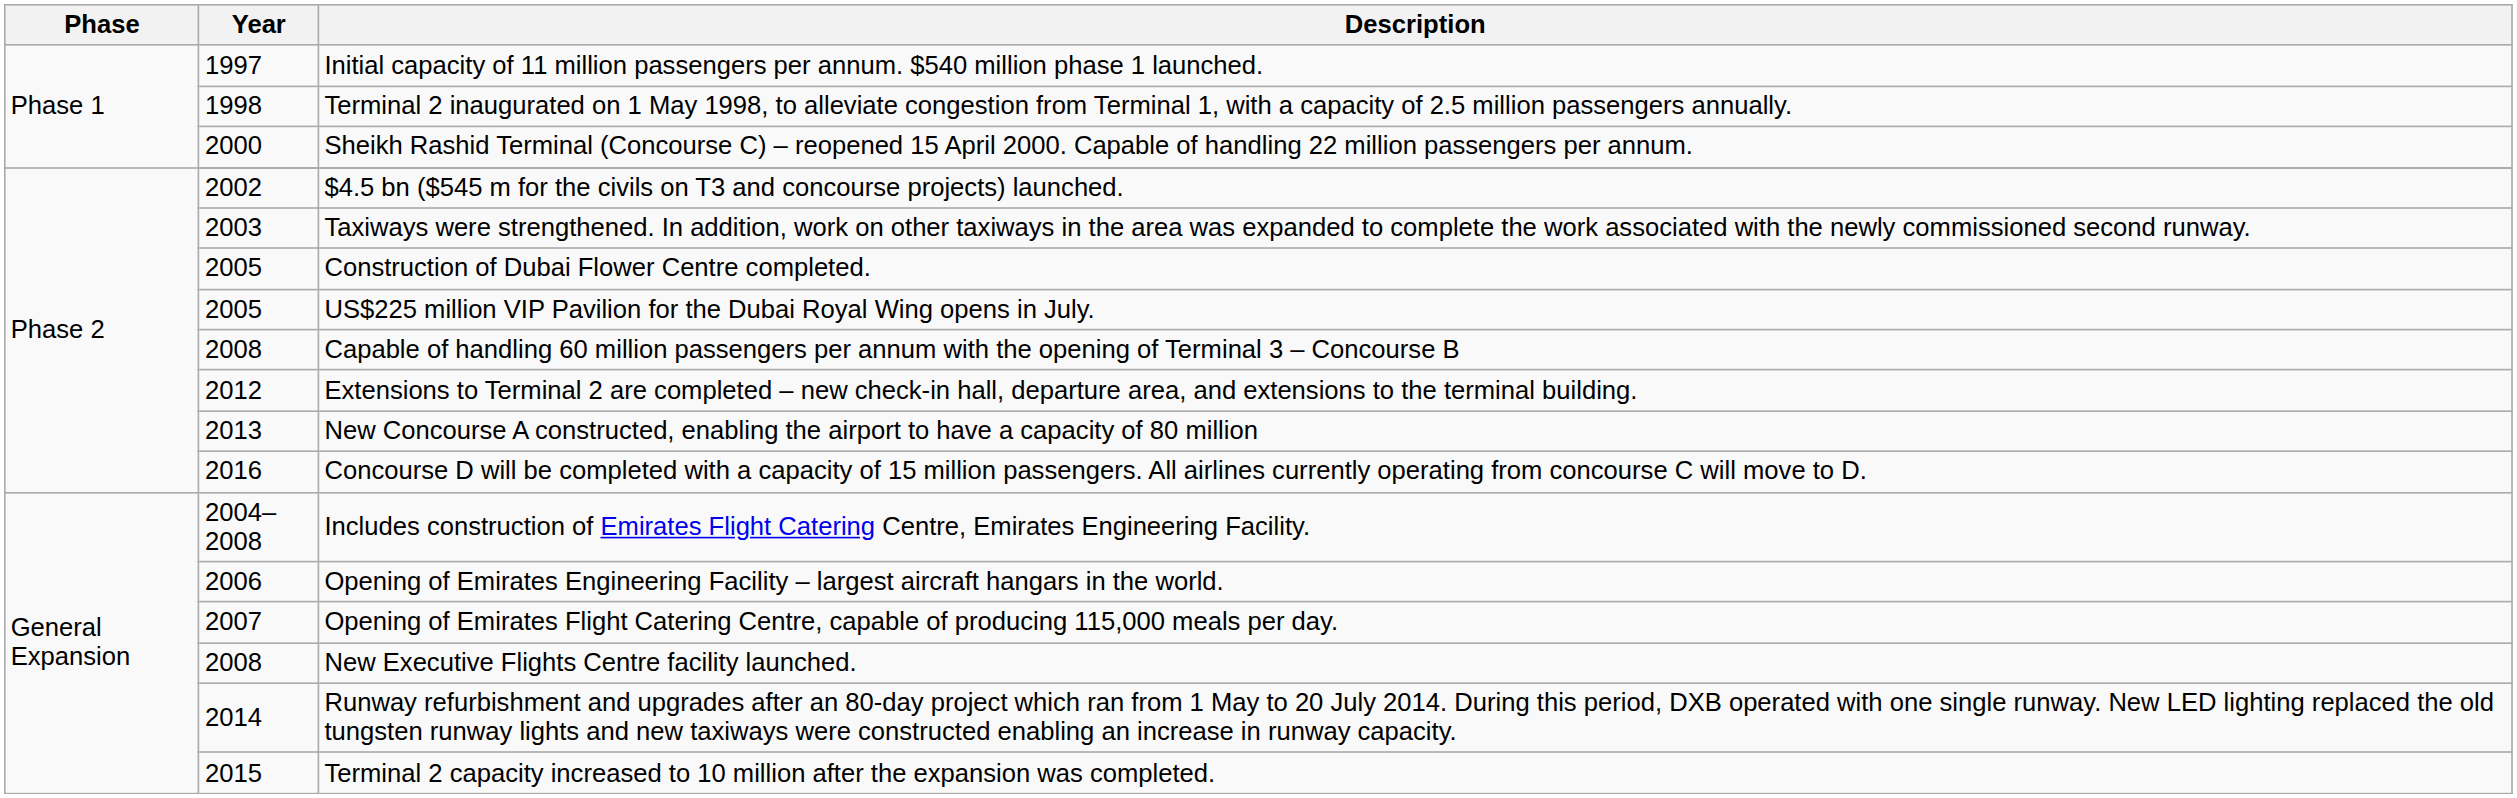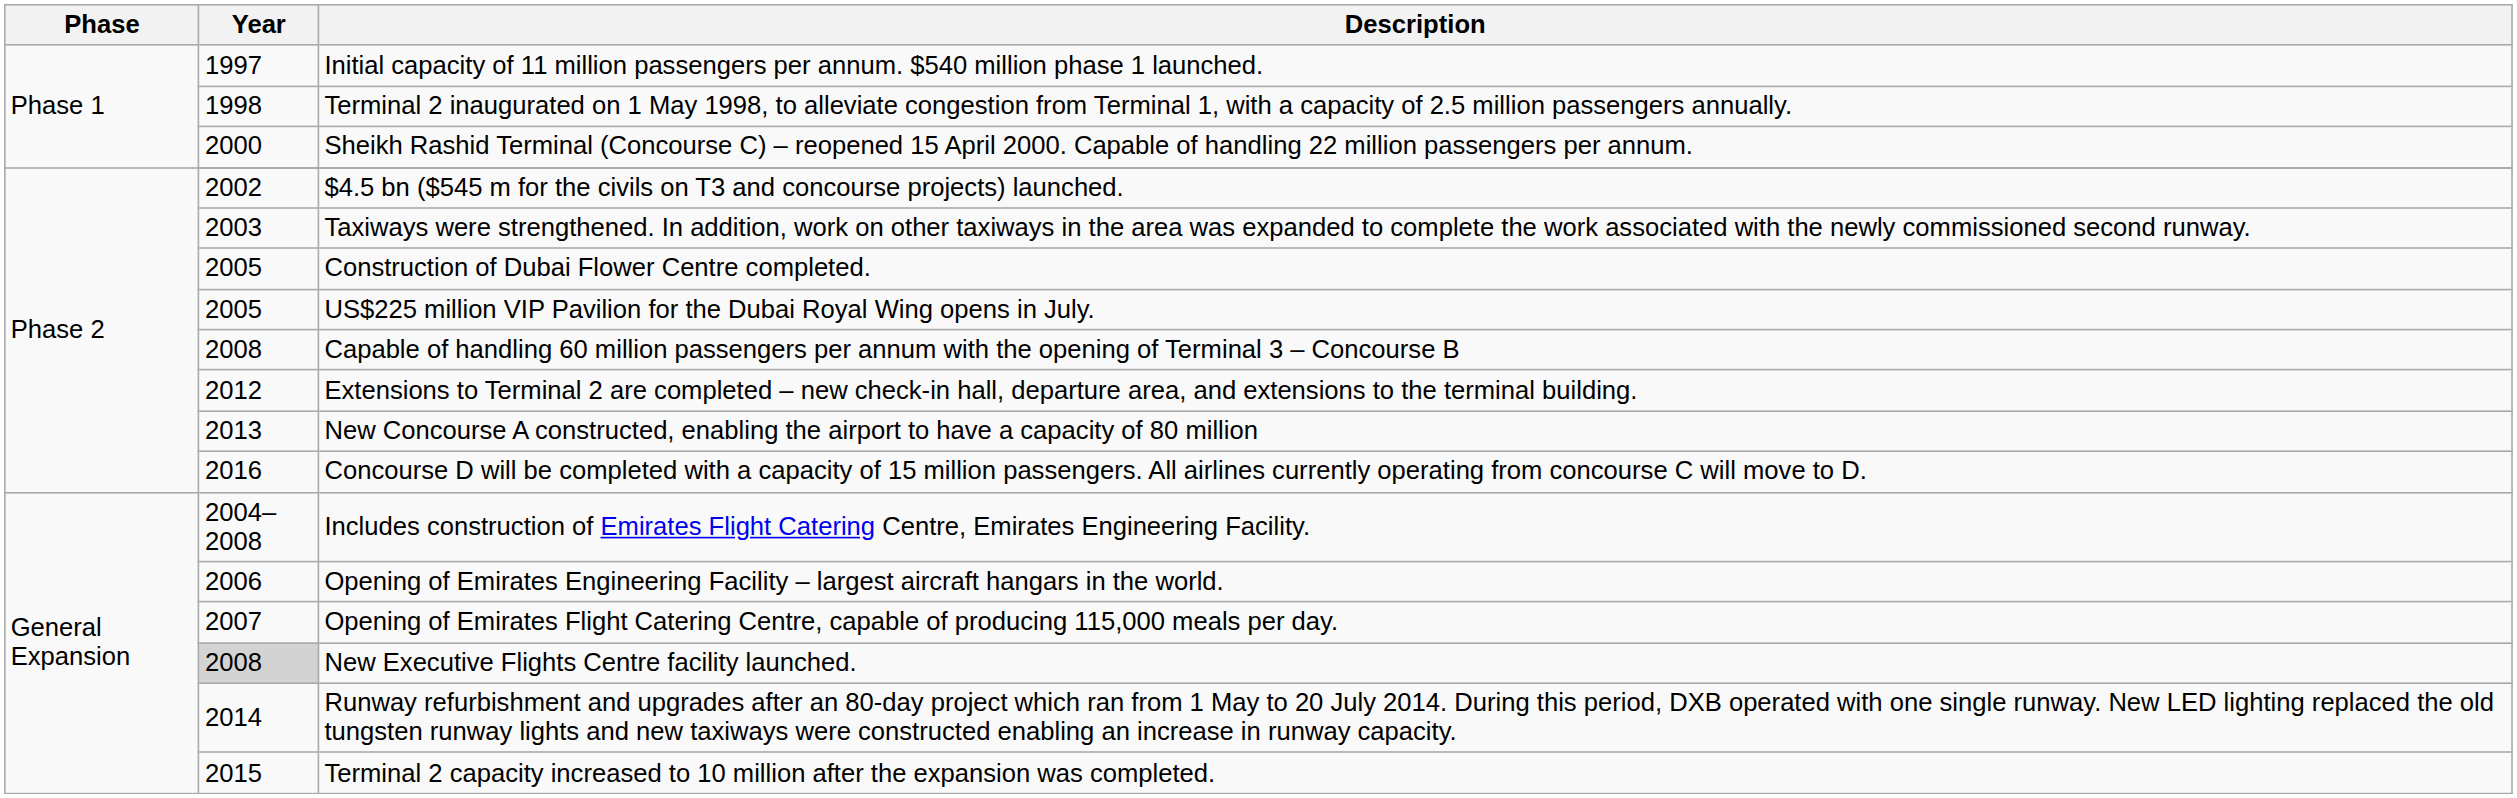 <table class="wikitable">
 <tr>
 <th>Phase</th>
 <th>Year</th>
 <th>Description</th>
 </tr>
 <tr>
 <td rowspan="3">Phase 1</td>
 <td>1997</td>
 <td>Initial capacity of 11 million passengers per annum. $540 million phase 1 launched.</td>
 </tr>
 <tr>
 <td>1998</td>
 <td>Terminal 2 inaugurated on 1 May 1998, to alleviate congestion from Terminal 1, with a capacity of 2.5 million passengers annually.</td>
 </tr>
 <tr>
 <td>2000</td>
 <td>Sheikh Rashid Terminal (Concourse C) – reopened 15 April 2000. Capable of handling 22 million passengers per annum.</td>
 </tr>
 <tr>
 <td rowspan="9">Phase 2</td>
 </tr>
 <tr>
 <td>2002</td>
 <td>$4.5 bn ($545 m for the civils on T3 and concourse projects) launched.</td>
 </tr>
 <tr>
 <td>2003</td>
 <td>Taxiways were strengthened. In addition, work on other taxiways in the area was expanded to complete the work associated with the newly commissioned second runway.</td>
 </tr>
 <tr>
 <td>2005</td>
 <td>Construction of Dubai Flower Centre completed.</td>
 </tr>
 <tr>
 <td>2005</td>
 <td>US$225 million VIP Pavilion for the Dubai Royal Wing opens in July.</td>
 </tr>
 <tr>
 <td>2008</td>
 <td>Capable of handling 60 million passengers per annum with the opening of Terminal 3 – Concourse B</td>
 </tr>
 <tr>
 <td>2012</td>
 <td>Extensions to Terminal 2 are completed – new check-in hall, departure area, and extensions to the terminal building.</td>
 </tr>
 <tr>
 <td>2013</td>
 <td>New Concourse A constructed, enabling the airport to have a capacity of 80 million</td>
 </tr>
 <tr>
 <td>2016</td>
 <td>Concourse D will be completed with a capacity of 15 million passengers. All airlines currently operating from concourse C will move to D.</td>
 </tr>
 <tr>
 <td rowspan="6">General Expansion</td>
 <td>2004–2008</td>
 <td>Includes construction of <a href='#'>Emirates Flight Catering</a> Centre, Emirates Engineering Facility.</td>
 </tr>
 <tr>
 <td>2006</td>
 <td>Opening of Emirates Engineering Facility – largest aircraft hangars in the world.</td>
 </tr>
 <tr>
 <td>2007</td>
 <td>Opening of Emirates Flight Catering Centre, capable of producing 115,000 meals per day.</td>
 </tr>
 <tr>
-<td>2008</td>
+<td style="background: lightgrey;">2008</td>
 <td>New Executive Flights Centre facility launched.</td>
 </tr>
 <tr>
 <td>2014</td>
 <td>Runway refurbishment and upgrades after an 80-day project which ran from 1 May to 20 July 2014. During this period, DXB operated with one single runway. New LED lighting replaced the old tungsten runway lights and new taxiways were constructed enabling an increase in runway capacity.</td>
 </tr>
 <tr>
 <td>2015</td>
 <td>Terminal 2 capacity increased to 10 million after the expansion was completed.</td>
 </tr>
 </table>
